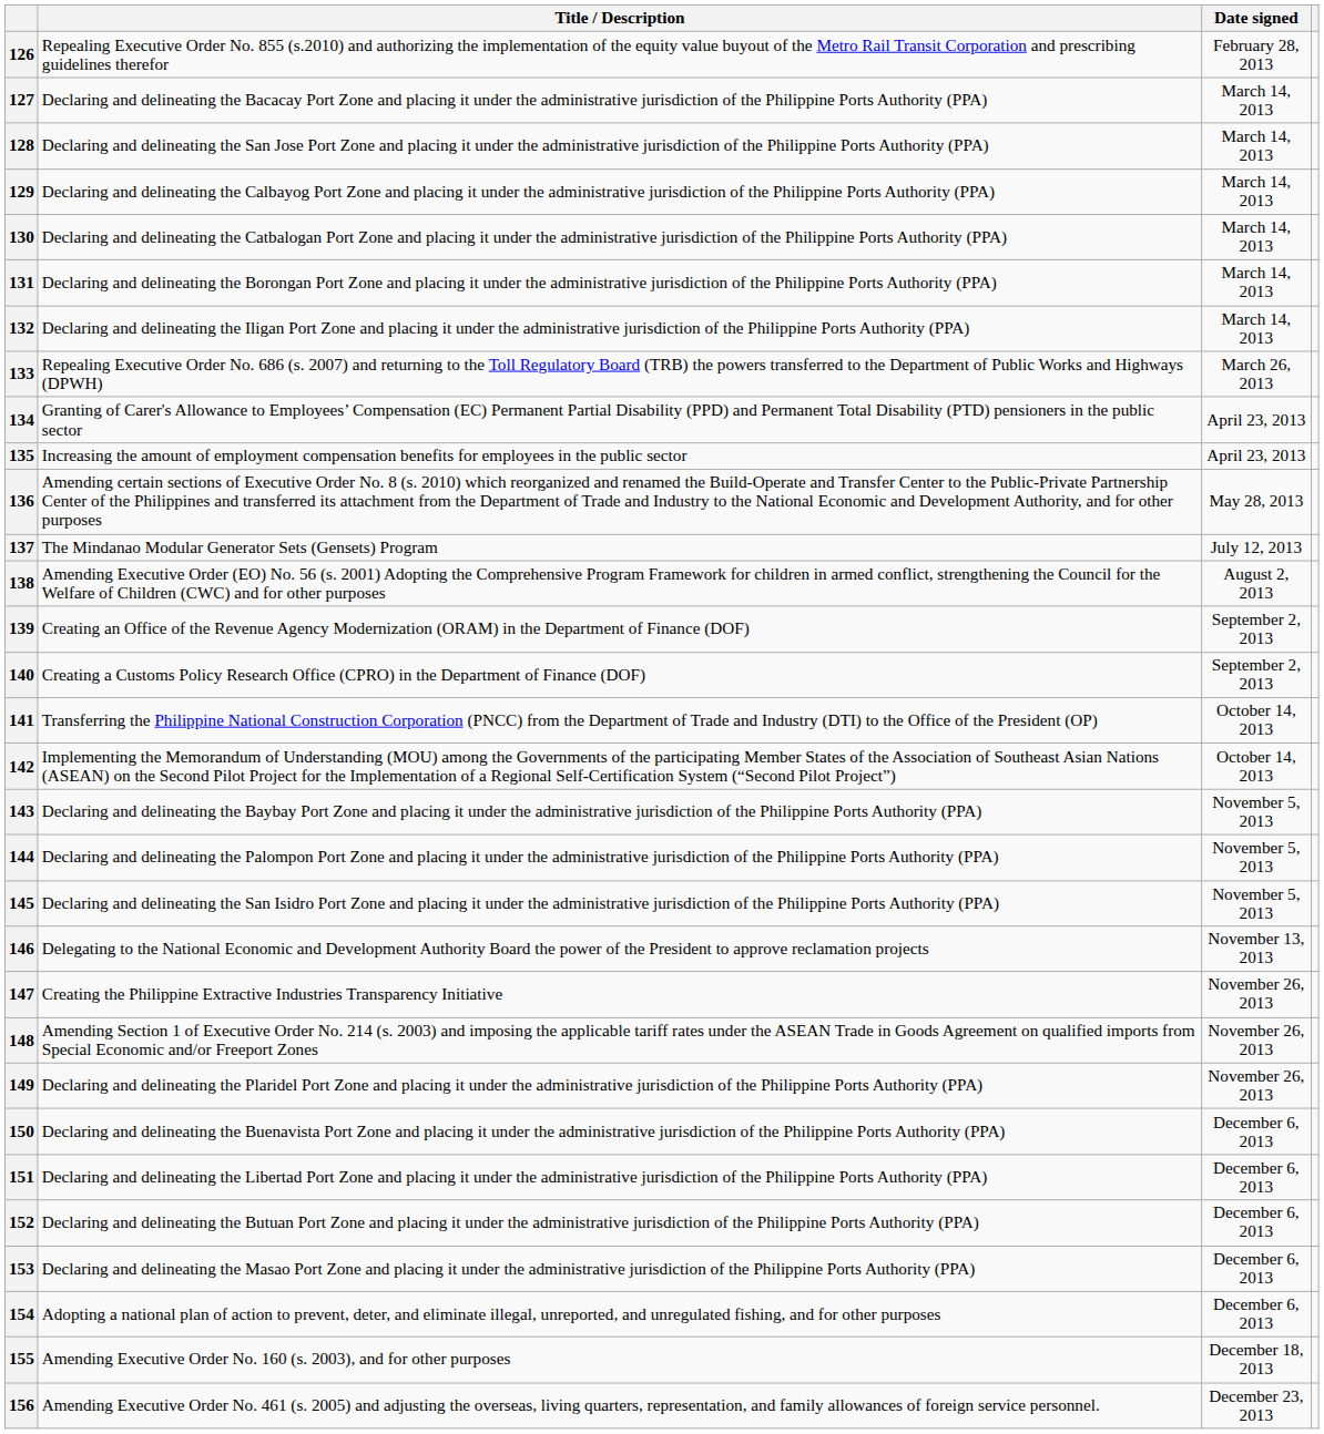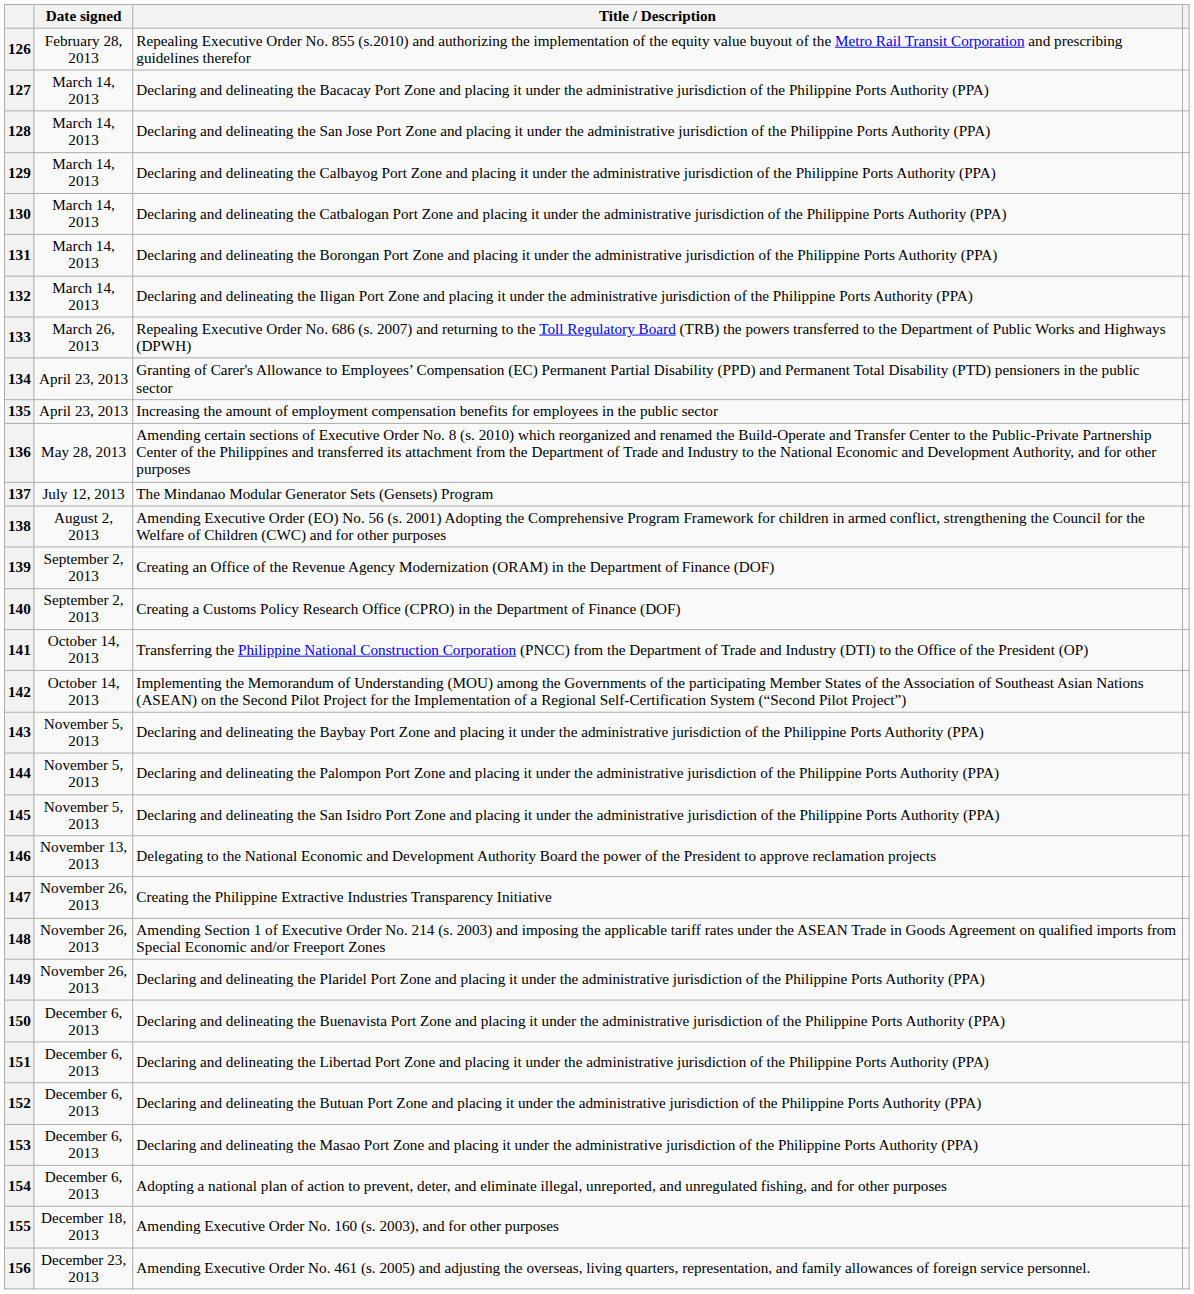 <table class="wikitable sortable" style="text-align:center;">
 <tr>
 <th scope="col"></th>
+<th scope="col">Date signed</th>
 <th scope="col">Title / Description</th>
-<th scope="col">Date signed</th>
 <th scope="col" class="unsortable"></th>
 </tr>
 <tr>
 <th scope="row">126</th>
+<td>February 28, 2013</td>
 <td style="text-align:left;">Repealing Executive Order No. 855 (s.2010) and authorizing the implementation of the equity value buyout of the <a href='#'>Metro Rail Transit Corporation</a> and prescribing guidelines therefor</td>
-<td>February 28, 2013</td>
 <td></td>
 </tr>
 <tr>
 <th scope="row">127</th>
+<td>March 14, 2013</td>
 <td style="text-align:left;">Declaring and delineating the Bacacay Port Zone and placing it under the administrative jurisdiction of the Philippine Ports Authority (PPA)</td>
-<td>March 14, 2013</td>
 <td></td>
 </tr>
 <tr>
 <th scope="row">128</th>
+<td>March 14, 2013</td>
 <td style="text-align:left;">Declaring and delineating the San Jose Port Zone and placing it under the administrative jurisdiction of the Philippine Ports Authority (PPA)</td>
-<td>March 14, 2013</td>
 <td></td>
 </tr>
 <tr>
 <th scope="row">129</th>
+<td>March 14, 2013</td>
 <td style="text-align:left;">Declaring and delineating the Calbayog Port Zone and placing it under the administrative jurisdiction of the Philippine Ports Authority (PPA)</td>
-<td>March 14, 2013</td>
 <td></td>
 </tr>
 <tr>
 <th scope="row">130</th>
+<td>March 14, 2013</td>
 <td style="text-align:left;">Declaring and delineating the Catbalogan Port Zone and placing it under the administrative jurisdiction of the Philippine Ports Authority (PPA)</td>
-<td>March 14, 2013</td>
 <td></td>
 </tr>
 <tr>
 <th scope="row">131</th>
+<td>March 14, 2013</td>
 <td style="text-align:left;">Declaring and delineating the Borongan Port Zone and placing it under the administrative jurisdiction of the Philippine Ports Authority (PPA)</td>
-<td>March 14, 2013</td>
 <td></td>
 </tr>
 <tr>
 <th scope="row">132</th>
+<td>March 14, 2013</td>
 <td style="text-align:left;">Declaring and delineating the Iligan Port Zone and placing it under the administrative jurisdiction of the Philippine Ports Authority (PPA)</td>
-<td>March 14, 2013</td>
 <td></td>
 </tr>
 <tr>
 <th scope="row">133</th>
+<td>March 26, 2013</td>
 <td style="text-align:left;">Repealing Executive Order No. 686 (s. 2007) and returning to the <a href='#'>Toll Regulatory Board</a> (TRB) the powers transferred to the Department of Public Works and Highways (DPWH)</td>
-<td>March 26, 2013</td>
 <td></td>
 </tr>
 <tr>
 <th scope="row">134</th>
+<td>April 23, 2013</td>
 <td style="text-align:left;">Granting of Carer's Allowance to Employees’ Compensation (EC) Permanent Partial Disability (PPD) and Permanent Total Disability (PTD) pensioners in the public sector</td>
-<td>April 23, 2013</td>
 <td></td>
 </tr>
 <tr>
 <th scope="row">135</th>
+<td>April 23, 2013</td>
 <td style="text-align:left;">Increasing the amount of employment compensation benefits for employees in the public sector</td>
-<td>April 23, 2013</td>
 <td></td>
 </tr>
 <tr>
 <th scope="row">136</th>
+<td>May 28, 2013</td>
 <td style="text-align:left;">Amending certain sections of Executive Order No. 8 (s. 2010) which reorganized and renamed the Build-Operate and Transfer Center to the Public-Private Partnership Center of the Philippines and transferred its attachment from the Department of Trade and Industry to the National Economic and Development Authority, and for other purposes</td>
-<td>May 28, 2013</td>
 <td></td>
 </tr>
 <tr>
 <th scope="row">137</th>
+<td>July 12, 2013</td>
 <td style="text-align:left;">The Mindanao Modular Generator Sets (Gensets) Program</td>
-<td>July 12, 2013</td>
 <td></td>
 </tr>
 <tr>
 <th scope="row">138</th>
+<td>August 2, 2013</td>
 <td style="text-align:left;">Amending Executive Order (EO) No. 56 (s. 2001) Adopting the Comprehensive Program Framework for children in armed conflict, strengthening the Council for the Welfare of Children (CWC) and for other purposes</td>
-<td>August 2, 2013</td>
 <td></td>
 </tr>
 <tr>
 <th scope="row">139</th>
+<td>September 2, 2013</td>
 <td style="text-align:left;">Creating an Office of the Revenue Agency Modernization (ORAM) in the Department of Finance (DOF)</td>
-<td>September 2, 2013</td>
 <td></td>
 </tr>
 <tr>
 <th scope="row">140</th>
+<td>September 2, 2013</td>
 <td style="text-align:left;">Creating a Customs Policy Research Office (CPRO) in the Department of Finance (DOF)</td>
-<td>September 2, 2013</td>
 <td></td>
 </tr>
 <tr>
 <th scope="row">141</th>
+<td>October 14, 2013</td>
 <td style="text-align:left;">Transferring the <a href='#'>Philippine National Construction Corporation</a> (PNCC) from the Department of Trade and Industry (DTI) to the Office of the President (OP)</td>
-<td>October 14, 2013</td>
 <td></td>
 </tr>
 <tr>
 <th scope="row">142</th>
+<td>October 14, 2013</td>
 <td style="text-align:left;">Implementing the Memorandum of Understanding (MOU) among the Governments of the participating Member States of the Association of Southeast Asian Nations (ASEAN) on the Second Pilot Project for the Implementation of a Regional Self-Certification System (“Second Pilot Project”)</td>
-<td>October 14, 2013</td>
 <td></td>
 </tr>
 <tr>
 <th scope="row">143</th>
+<td>November 5, 2013</td>
 <td style="text-align:left;">Declaring and delineating the Baybay Port Zone and placing it under the administrative jurisdiction of the Philippine Ports Authority (PPA)</td>
-<td>November 5, 2013</td>
 <td></td>
 </tr>
 <tr>
 <th scope="row">144</th>
+<td>November 5, 2013</td>
 <td style="text-align:left;">Declaring and delineating the Palompon Port Zone and placing it under the administrative jurisdiction of the Philippine Ports Authority (PPA)</td>
-<td>November 5, 2013</td>
 <td></td>
 </tr>
 <tr>
 <th scope="row">145</th>
+<td>November 5, 2013</td>
 <td style="text-align:left;">Declaring and delineating the San Isidro Port Zone and placing it under the administrative jurisdiction of the Philippine Ports Authority (PPA)</td>
-<td>November 5, 2013</td>
 <td></td>
 </tr>
 <tr>
 <th scope="row">146</th>
+<td>November 13, 2013</td>
 <td style="text-align:left;">Delegating to the National Economic and Development Authority Board the power of the President to approve reclamation projects</td>
-<td>November 13, 2013</td>
 <td></td>
 </tr>
 <tr>
 <th scope="row">147</th>
+<td>November 26, 2013</td>
 <td style="text-align:left;">Creating the Philippine Extractive Industries Transparency Initiative</td>
-<td>November 26, 2013</td>
 <td></td>
 </tr>
 <tr>
 <th scope="row">148</th>
+<td>November 26, 2013</td>
 <td style="text-align:left;">Amending Section 1 of Executive Order No. 214 (s. 2003) and imposing the applicable tariff rates under the ASEAN Trade in Goods Agreement on qualified imports from Special Economic and/or Freeport Zones</td>
-<td>November 26, 2013</td>
 <td></td>
 </tr>
 <tr>
 <th scope="row">149</th>
+<td>November 26, 2013</td>
 <td style="text-align:left;">Declaring and delineating the Plaridel Port Zone and placing it under the administrative jurisdiction of the Philippine Ports Authority (PPA)</td>
-<td>November 26, 2013</td>
 <td></td>
 </tr>
 <tr>
 <th scope="row">150</th>
+<td>December 6, 2013</td>
 <td style="text-align:left;">Declaring and delineating the Buenavista Port Zone and placing it under the administrative jurisdiction of the Philippine Ports Authority (PPA)</td>
-<td>December 6, 2013</td>
 <td></td>
 </tr>
 <tr>
 <th scope="row">151</th>
+<td>December 6, 2013</td>
 <td style="text-align:left;">Declaring and delineating the Libertad Port Zone and placing it under the administrative jurisdiction of the Philippine Ports Authority (PPA)</td>
-<td>December 6, 2013</td>
 <td></td>
 </tr>
 <tr>
 <th scope="row">152</th>
+<td>December 6, 2013</td>
 <td style="text-align:left;">Declaring and delineating the Butuan Port Zone and placing it under the administrative jurisdiction of the Philippine Ports Authority (PPA)</td>
-<td>December 6, 2013</td>
 <td></td>
 </tr>
 <tr>
 <th scope="row">153</th>
+<td>December 6, 2013</td>
 <td style="text-align:left;">Declaring and delineating the Masao Port Zone and placing it under the administrative jurisdiction of the Philippine Ports Authority (PPA)</td>
-<td>December 6, 2013</td>
 <td></td>
 </tr>
 <tr>
 <th scope="row">154</th>
+<td>December 6, 2013</td>
 <td style="text-align:left;">Adopting a national plan of action to prevent, deter, and eliminate illegal, unreported, and unregulated fishing, and for other purposes</td>
-<td>December 6, 2013</td>
 <td></td>
 </tr>
 <tr>
 <th scope="row">155</th>
+<td>December 18, 2013</td>
 <td style="text-align:left;">Amending Executive Order No. 160 (s. 2003), and for other purposes</td>
-<td>December 18, 2013</td>
 <td></td>
 </tr>
 <tr>
 <th scope="row">156</th>
+<td>December 23, 2013</td>
 <td style="text-align:left;">Amending Executive Order No. 461 (s. 2005) and adjusting the overseas, living quarters, representation, and family allowances of foreign service personnel.</td>
-<td>December 23, 2013</td>
 <td></td>
 </tr>
 </table>
